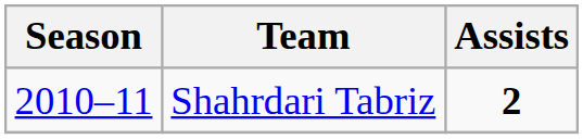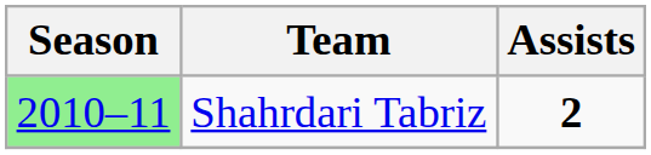 <table class="wikitable" style="text-align: center;">
 <tr>
 <th>Season</th>
 <th>Team</th>
 <th>Assists</th>
 </tr>
 <tr>
-<td><a href='#'>2010–11</a></td>
+<td style="background: lightgreen;"><a href='#'>2010–11</a></td>
 <td align="left"><a href='#'>Shahrdari Tabriz</a></td>
 <td><strong>2</strong></td>
 </tr>
 <tr>
 </tr>
 </table>
